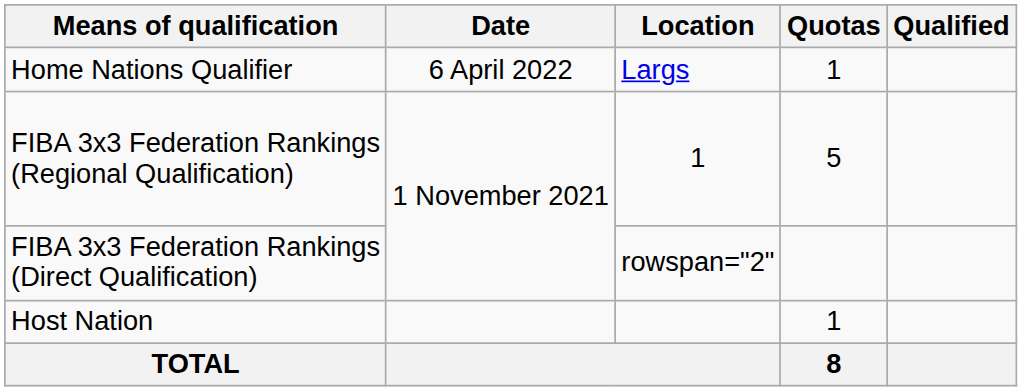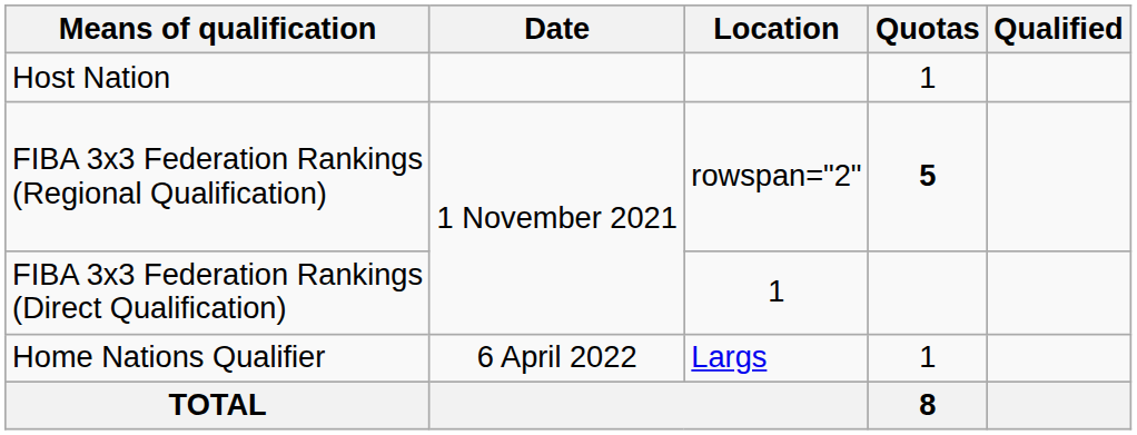 <table class="wikitable">
 <tr>
 <th>Means of qualification</th>
 <th>Date</th>
 <th>Location</th>
 <th>Quotas</th>
 <th>Qualified</th>
 </tr>
 <tr>
-<td>Home Nations Qualifier</td>
-<td align=center>6 April 2022</td>
-<td> <a href='#'>Largs</a></td>
+<td>Host Nation</td>
+<td></td>
+<td></td>
 <td align=center>1</td>
 <td></td>
 </tr>
 <tr>
 <td>FIBA 3x3 Federation Rankings<br>(Regional Qualification)</td>
 <td rowspan="2" align=center>1 November 2021</td>
-<td align=center>1</td>
-<td align=center>5</td>
+<td>rowspan="2" </td>
+<td align=center><strong>5</strong></td>
 <td><br><br><br><br></td>
 </tr>
 <tr>
 <td>FIBA 3x3 Federation Rankings<br>(Direct Qualification)</td>
-<td>rowspan="2" </td>
+<td align=center>1</td>
 <td></td>
 </tr>
 <tr>
-<td>Host Nation</td>
-<td></td>
-<td></td>
+<td>Home Nations Qualifier</td>
+<td align=center>6 April 2022</td>
+<td> <a href='#'>Largs</a></td>
 <td align=center>1</td>
 <td></td>
 </tr>
 <tr>
 <th>TOTAL</th>
 <th colspan="2"></th>
 <th>8</th>
 <th></th>
 </tr>
 </table>
